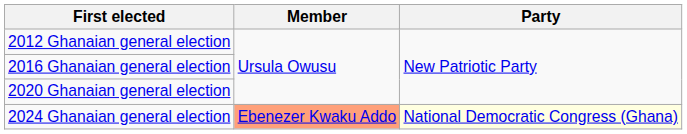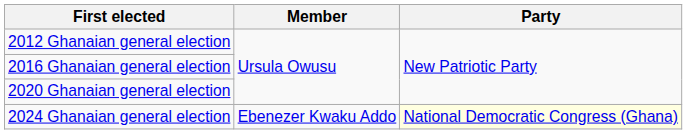 <table class="wikitable">
 <tr>
 <th>First elected</th>
 <th>Member</th>
 <th>Party</th>
 </tr>
 <tr>
 <td><a href='#'>2012 Ghanaian general election</a></td>
 <td rowspan="3"><a href='#'>Ursula Owusu</a></td>
 <td rowspan="3"><a href='#'>New Patriotic Party</a></td>
 </tr>
 <tr>
 <td><a href='#'>2016 Ghanaian general election</a></td>
 </tr>
 <tr>
 <td><a href='#'>2020 Ghanaian general election</a></td>
 </tr>
 <tr>
 <td><a href='#'>2024 Ghanaian general election</a></td>
-<td style="background: lightsalmon;"><a href='#'>Ebenezer Kwaku Addo</a></td>
+<td><a href='#'>Ebenezer Kwaku Addo</a></td>
 <td style="background: lightyellow;"><a href='#'>National Democratic Congress (Ghana)</a></td>
 </tr>
 </table>
